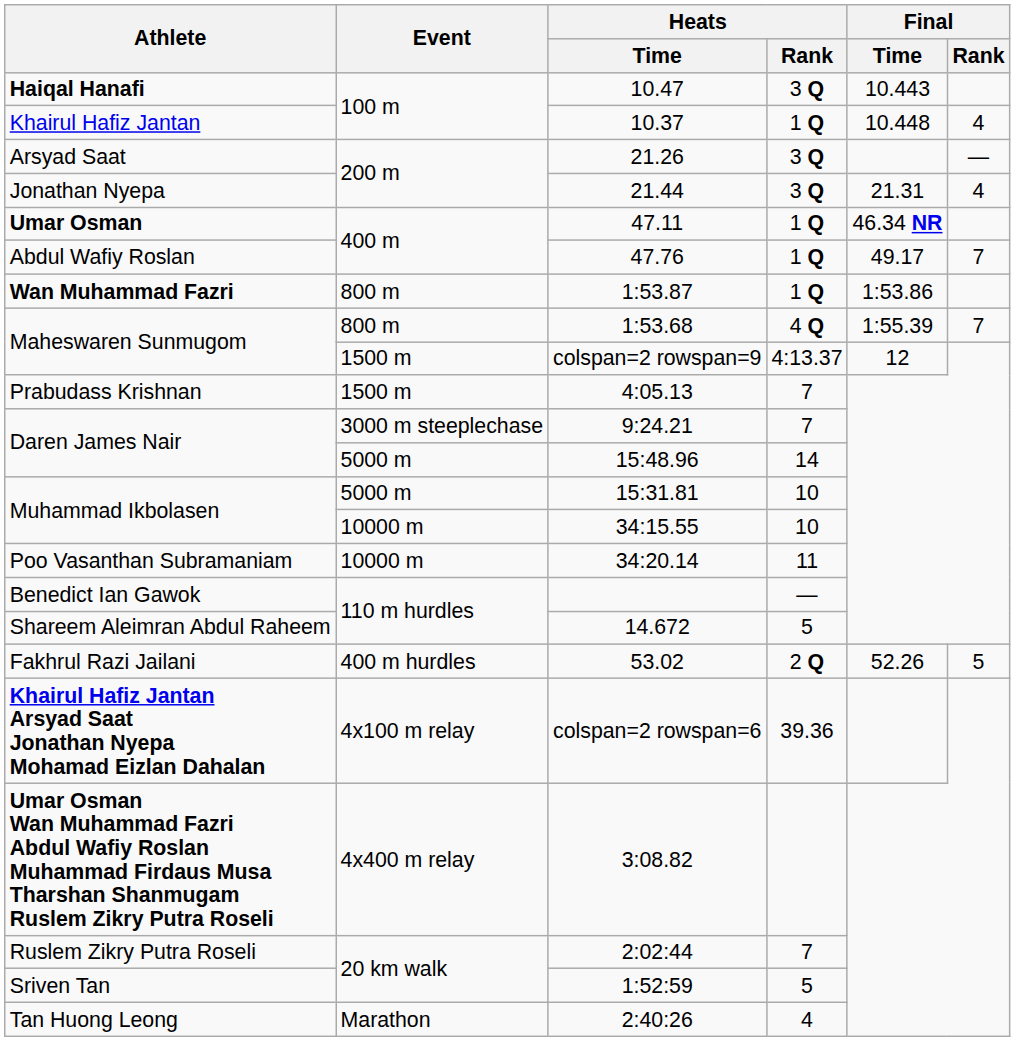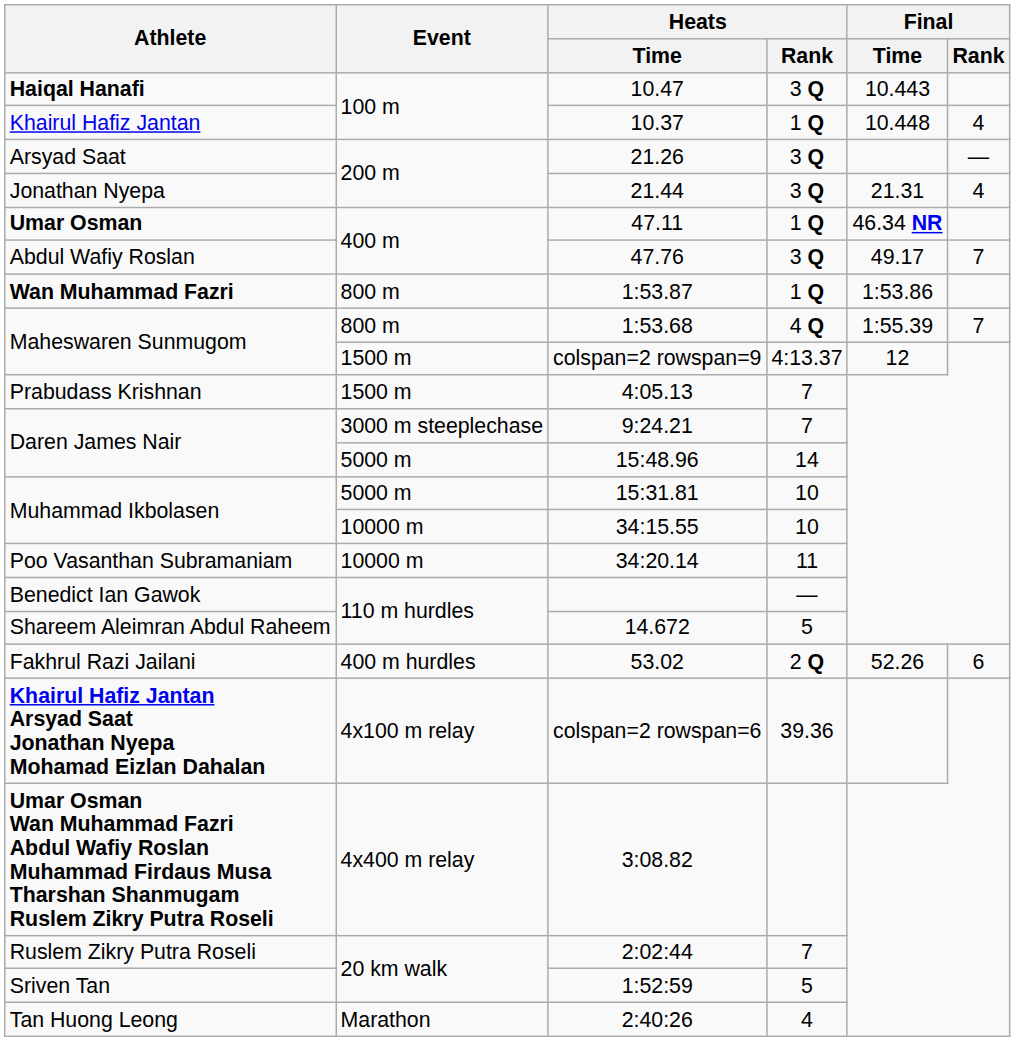 <table class="wikitable" style="font-size:90%">
 <tr>
 <th rowspan="2">Athlete</th>
 <th rowspan="2">Event</th>
 <th colspan="2">Heats</th>
 <th colspan="2">Final</th>
 </tr>
 <tr>
 <th>Time</th>
 <th>Rank</th>
 <th>Time</th>
 <th>Rank</th>
 </tr>
 <tr align="center">
 <td align="left"><strong>Haiqal Hanafi</strong></td>
 <td align="left" rowspan=2>100 m</td>
 <td>10.47</td>
 <td>3 <strong>Q</strong></td>
 <td>10.443</td>
 <td></td>
 </tr>
 <tr align="center">
 <td align="left"><a href='#'>Khairul Hafiz Jantan</a></td>
 <td>10.37</td>
 <td>1 <strong>Q</strong></td>
 <td>10.448</td>
 <td>4</td>
 </tr>
 <tr align="center">
 <td align="left">Arsyad Saat</td>
 <td align="left" rowspan=2>200 m</td>
 <td>21.26</td>
 <td>3 <strong>Q</strong></td>
 <td></td>
 <td>—</td>
 </tr>
 <tr align="center">
 <td align="left">Jonathan Nyepa</td>
 <td>21.44</td>
 <td>3 <strong>Q</strong></td>
 <td>21.31</td>
 <td>4</td>
 </tr>
 <tr align="center">
 <td align="left"><strong>Umar Osman</strong></td>
 <td align="left" rowspan=2>400 m</td>
 <td>47.11</td>
 <td>1 <strong>Q</strong></td>
 <td>46.34 <strong><a href='#'>NR</a></strong></td>
 <td></td>
 </tr>
 <tr align="center">
 <td align="left">Abdul Wafiy Roslan</td>
 <td>47.76</td>
-<td>1 <strong>Q</strong></td>
+<td>3 <strong>Q</strong></td>
 <td>49.17</td>
 <td>7</td>
 </tr>
 <tr align="center">
 <td align="left"><strong>Wan Muhammad Fazri</strong></td>
 <td align="left">800 m</td>
 <td>1:53.87</td>
 <td>1 <strong>Q</strong></td>
 <td>1:53.86</td>
 <td></td>
 </tr>
 <tr align="center">
 <td align="left" rowspan=2>Maheswaren Sunmugom</td>
 <td align="left">800 m</td>
 <td>1:53.68</td>
 <td>4 <strong>Q</strong></td>
 <td>1:55.39</td>
 <td>7</td>
 </tr>
 <tr align="center">
 <td align="left">1500 m</td>
 <td>colspan=2 rowspan=9 </td>
 <td>4:13.37</td>
 <td>12</td>
 </tr>
 <tr align="center">
 <td align="left">Prabudass Krishnan</td>
 <td align="left">1500 m</td>
 <td>4:05.13</td>
 <td>7</td>
 </tr>
 <tr align="center">
 <td align="left" rowspan=2>Daren James Nair</td>
 <td align="left">3000 m steeplechase</td>
 <td>9:24.21</td>
 <td>7</td>
 </tr>
 <tr align="center">
 <td align="left">5000 m</td>
 <td>15:48.96</td>
 <td>14</td>
 </tr>
 <tr align="center">
 <td align="left" rowspan=2>Muhammad Ikbolasen</td>
 <td align="left">5000 m</td>
 <td>15:31.81</td>
 <td>10</td>
 </tr>
 <tr align="center">
 <td align="left">10000 m</td>
 <td>34:15.55</td>
 <td>10</td>
 </tr>
 <tr align="center">
 <td align="left">Poo Vasanthan Subramaniam</td>
 <td align="left">10000 m</td>
 <td>34:20.14</td>
 <td>11</td>
 </tr>
 <tr align="center">
 <td align="left">Benedict Ian Gawok</td>
 <td align="left" rowspan=2>110 m hurdles</td>
 <td></td>
 <td>—</td>
 </tr>
 <tr align="center">
 <td align="left">Shareem Aleimran Abdul Raheem</td>
 <td>14.672</td>
 <td>5</td>
 </tr>
 <tr align="center">
 <td align="left">Fakhrul Razi Jailani</td>
 <td align="left">400 m hurdles</td>
 <td>53.02</td>
 <td>2 <strong>Q</strong></td>
 <td>52.26</td>
-<td>5</td>
+<td>6</td>
 </tr>
 <tr align="center">
 <td align="left"><strong><a href='#'>Khairul Hafiz Jantan</a><br>Arsyad Saat<br>Jonathan Nyepa<br>Mohamad Eizlan Dahalan</strong></td>
 <td align="left">4x100 m relay</td>
 <td>colspan=2 rowspan=6 </td>
 <td>39.36</td>
 <td></td>
 </tr>
 <tr align="center">
 <td align="left"><strong>Umar Osman<br>Wan Muhammad Fazri<br>Abdul Wafiy Roslan<br>Muhammad Firdaus Musa<br>Tharshan Shanmugam<br>Ruslem Zikry Putra Roseli</strong></td>
 <td align="left">4x400 m relay</td>
 <td>3:08.82</td>
 <td></td>
 </tr>
 <tr align="center">
 <td align="left">Ruslem Zikry Putra Roseli</td>
 <td align="left" rowspan=2>20 km walk</td>
 <td>2:02:44</td>
 <td>7</td>
 </tr>
 <tr align="center">
 <td align="left">Sriven Tan</td>
 <td>1:52:59</td>
 <td>5</td>
 </tr>
 <tr align="center">
 <td align="left">Tan Huong Leong</td>
 <td align="left">Marathon</td>
 <td>2:40:26</td>
 <td>4</td>
 </tr>
 </table>
